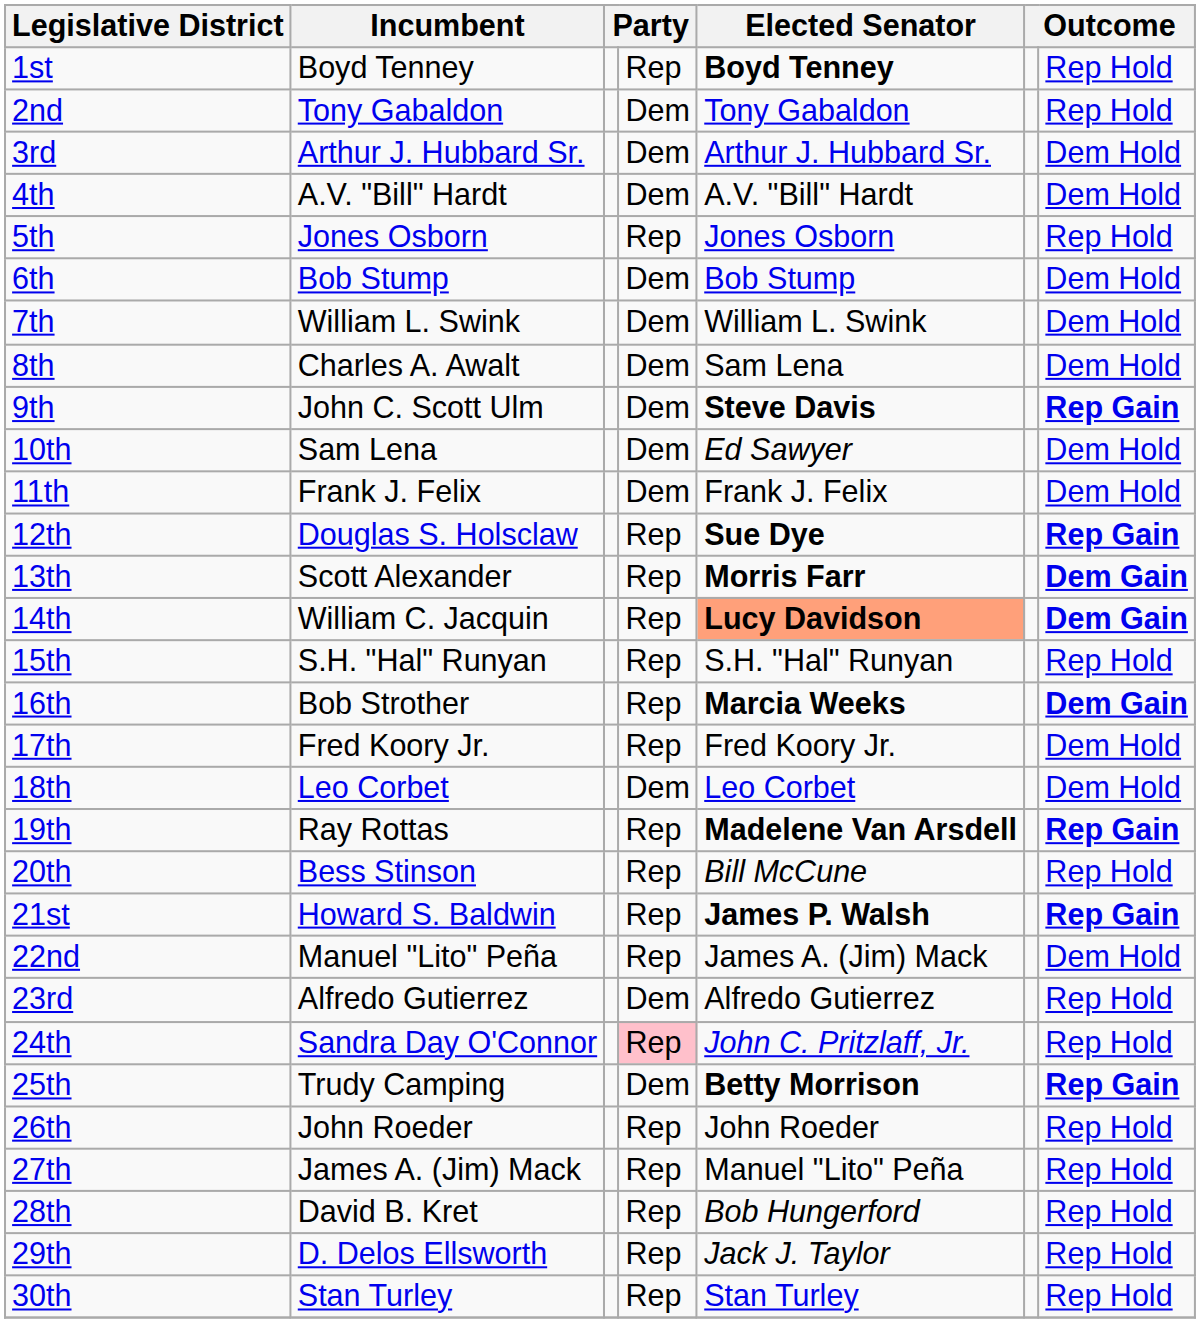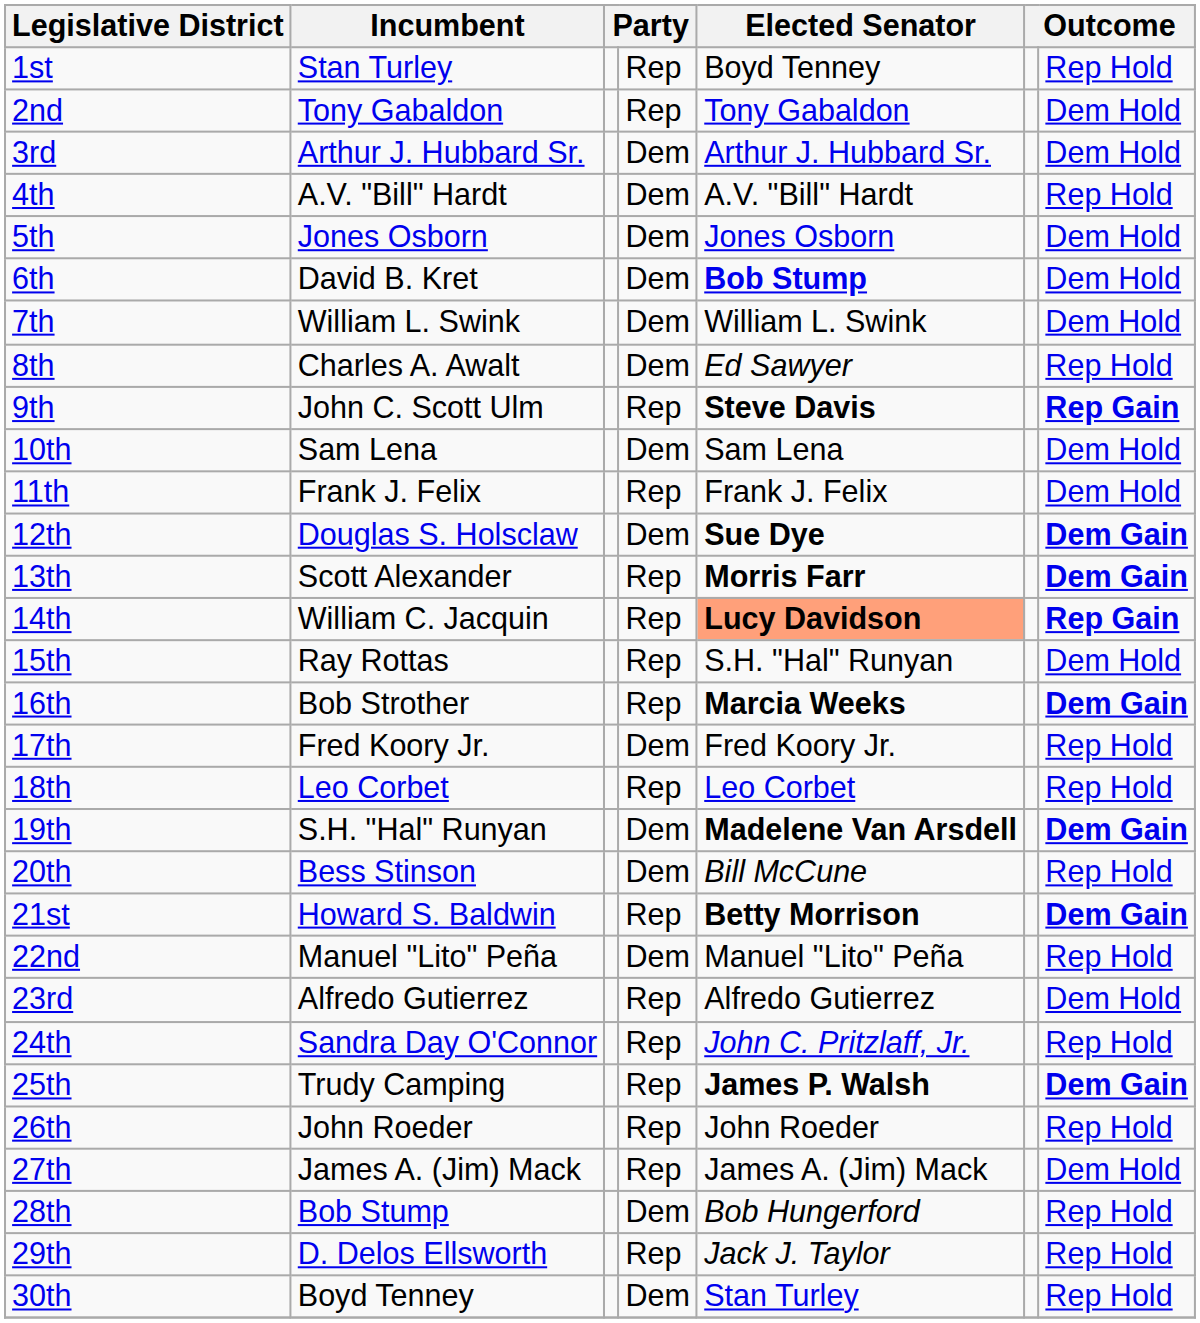 <table class="sortable wikitable" style="font-size:95%;line-height:14px;">
 <tr>
 <th>Legislative District</th>
 <th>Incumbent</th>
 <th colspan="2">Party</th>
 <th>Elected Senator</th>
 <th colspan="2">Outcome</th>
 </tr>
 <tr>
 <td><a href='#'>1st</a></td>
-<td>Boyd Tenney</td>
+<td><a href='#'>Stan Turley</a></td>
 <td style="background:"></td>
 <td>Rep</td>
-<td><strong>Boyd Tenney</strong></td>
+<td>Boyd Tenney</td>
 <td style="background:"></td>
 <td><a href='#'>Rep Hold</a></td>
 </tr>
 <tr>
 <td><a href='#'>2nd</a></td>
 <td><a href='#'>Tony Gabaldon</a></td>
 <td style="background:"></td>
-<td>Dem</td>
+<td>Rep</td>
 <td><a href='#'>Tony Gabaldon</a></td>
 <td style="background:"></td>
-<td><a href='#'>Rep Hold</a></td>
+<td><a href='#'>Dem Hold</a></td>
 </tr>
 <tr>
 <td><a href='#'>3rd</a></td>
 <td><a href='#'>Arthur J. Hubbard Sr.</a></td>
 <td style="background:"></td>
 <td>Dem</td>
 <td><a href='#'>Arthur J. Hubbard Sr.</a></td>
 <td style="background:"></td>
 <td><a href='#'>Dem Hold</a></td>
 </tr>
 <tr>
 <td><a href='#'>4th</a></td>
 <td>A.V. "Bill" Hardt</td>
 <td style="background:"></td>
 <td>Dem</td>
 <td>A.V. "Bill" Hardt</td>
 <td style="background:"></td>
-<td><a href='#'>Dem Hold</a></td>
+<td><a href='#'>Rep Hold</a></td>
 </tr>
 <tr>
 <td><a href='#'>5th</a></td>
 <td><a href='#'>Jones Osborn</a></td>
 <td style="background:"></td>
-<td>Rep</td>
+<td>Dem</td>
 <td><a href='#'>Jones Osborn</a></td>
 <td style="background:"></td>
-<td><a href='#'>Rep Hold</a></td>
+<td><a href='#'>Dem Hold</a></td>
 </tr>
 <tr>
 <td><a href='#'>6th</a></td>
-<td><a href='#'>Bob Stump</a></td>
+<td>David B. Kret</td>
 <td style="background:"></td>
 <td>Dem</td>
-<td><a href='#'>Bob Stump</a></td>
+<td><strong><a href='#'>Bob Stump</a></strong></td>
 <td style="background:"></td>
 <td><a href='#'>Dem Hold</a></td>
 </tr>
 <tr>
 <td><a href='#'>7th</a></td>
 <td>William L. Swink</td>
 <td style="background:"></td>
 <td>Dem</td>
 <td>William L. Swink</td>
 <td style="background:"></td>
 <td><a href='#'>Dem Hold</a></td>
 </tr>
 <tr>
 <td><a href='#'>8th</a></td>
 <td>Charles A. Awalt</td>
 <td style="background:"></td>
 <td>Dem</td>
-<td>Sam Lena</td>
+<td><em>Ed Sawyer</em></td>
 <td style="background:"></td>
-<td><a href='#'>Dem Hold</a></td>
+<td><a href='#'>Rep Hold</a></td>
 </tr>
 <tr>
 <td><a href='#'>9th</a></td>
 <td>John C. Scott Ulm</td>
 <td style="background:"></td>
-<td>Dem</td>
+<td>Rep</td>
 <td><strong>Steve Davis</strong></td>
 <td style="background:"></td>
 <td><strong><a href='#'>Rep Gain</a></strong></td>
 </tr>
 <tr>
 <td><a href='#'>10th</a></td>
 <td>Sam Lena</td>
 <td style="background:"></td>
 <td>Dem</td>
-<td><em>Ed Sawyer</em></td>
+<td>Sam Lena</td>
 <td style="background:"></td>
 <td><a href='#'>Dem Hold</a></td>
 </tr>
 <tr>
 <td><a href='#'>11th</a></td>
 <td>Frank J. Felix</td>
 <td style="background:"></td>
-<td>Dem</td>
+<td>Rep</td>
 <td>Frank J. Felix</td>
 <td style="background:"></td>
 <td><a href='#'>Dem Hold</a></td>
 </tr>
 <tr>
 <td><a href='#'>12th</a></td>
 <td><a href='#'>Douglas S. Holsclaw</a></td>
 <td style="background:"></td>
-<td>Rep</td>
+<td>Dem</td>
 <td><strong>Sue Dye</strong></td>
 <td style="background:"></td>
-<td><strong><a href='#'>Rep Gain</a></strong></td>
+<td><strong><a href='#'>Dem Gain</a></strong></td>
 </tr>
 <tr>
 <td><a href='#'>13th</a></td>
 <td>Scott Alexander</td>
 <td style="background:"></td>
 <td>Rep</td>
 <td><strong>Morris Farr</strong></td>
 <td style="background:"></td>
 <td><strong><a href='#'>Dem Gain</a></strong></td>
 </tr>
 <tr>
 <td><a href='#'>14th</a></td>
 <td>William C. Jacquin</td>
 <td style="background:"></td>
 <td>Rep</td>
 <td style="background: lightsalmon;"><strong>Lucy Davidson</strong></td>
 <td style="background:"></td>
-<td><strong><a href='#'>Dem Gain</a></strong></td>
+<td><strong><a href='#'>Rep Gain</a></strong></td>
 </tr>
 <tr>
 <td><a href='#'>15th</a></td>
-<td>S.H. "Hal" Runyan</td>
+<td>Ray Rottas</td>
 <td style="background:"></td>
 <td>Rep</td>
 <td>S.H. "Hal" Runyan</td>
 <td style="background:"></td>
-<td><a href='#'>Rep Hold</a></td>
+<td><a href='#'>Dem Hold</a></td>
 </tr>
 <tr>
 <td><a href='#'>16th</a></td>
 <td>Bob Strother</td>
 <td style="background:"></td>
 <td>Rep</td>
 <td><strong>Marcia Weeks</strong></td>
 <td style="background:"></td>
 <td><strong><a href='#'>Dem Gain</a></strong></td>
 </tr>
 <tr>
 <td><a href='#'>17th</a></td>
 <td>Fred Koory Jr.</td>
 <td style="background:"></td>
-<td>Rep</td>
+<td>Dem</td>
 <td>Fred Koory Jr.</td>
 <td style="background:"></td>
-<td><a href='#'>Dem Hold</a></td>
+<td><a href='#'>Rep Hold</a></td>
 </tr>
 <tr>
 <td><a href='#'>18th</a></td>
 <td><a href='#'>Leo Corbet</a></td>
 <td style="background:"></td>
-<td>Dem</td>
+<td>Rep</td>
 <td><a href='#'>Leo Corbet</a></td>
 <td style="background:"></td>
-<td><a href='#'>Dem Hold</a></td>
+<td><a href='#'>Rep Hold</a></td>
 </tr>
 <tr>
 <td><a href='#'>19th</a></td>
-<td>Ray Rottas</td>
+<td>S.H. "Hal" Runyan</td>
 <td style="background:"></td>
-<td>Rep</td>
+<td>Dem</td>
 <td><strong>Madelene Van Arsdell</strong></td>
 <td style="background:"></td>
-<td><strong><a href='#'>Rep Gain</a></strong></td>
+<td><strong><a href='#'>Dem Gain</a></strong></td>
 </tr>
 <tr>
 <td><a href='#'>20th</a></td>
 <td><a href='#'>Bess Stinson</a></td>
 <td style="background:"></td>
-<td>Rep</td>
+<td>Dem</td>
 <td><em>Bill McCune</em></td>
 <td style="background:"></td>
 <td><a href='#'>Rep Hold</a></td>
 </tr>
 <tr>
 <td><a href='#'>21st</a></td>
 <td><a href='#'>Howard S. Baldwin</a></td>
 <td style="background:"></td>
 <td>Rep</td>
-<td><strong>James P. Walsh</strong></td>
+<td><strong>Betty Morrison</strong></td>
 <td style="background:"></td>
-<td><strong><a href='#'>Rep Gain</a></strong></td>
+<td><strong><a href='#'>Dem Gain</a></strong></td>
 </tr>
 <tr>
 <td><a href='#'>22nd</a></td>
 <td>Manuel "Lito" Peña</td>
 <td style="background:"></td>
-<td>Rep</td>
-<td>James A. (Jim) Mack</td>
+<td>Dem</td>
+<td>Manuel "Lito" Peña</td>
 <td style="background:"></td>
-<td><a href='#'>Dem Hold</a></td>
+<td><a href='#'>Rep Hold</a></td>
 </tr>
 <tr>
 <td><a href='#'>23rd</a></td>
 <td>Alfredo Gutierrez</td>
 <td style="background:"></td>
-<td>Dem</td>
+<td>Rep</td>
 <td>Alfredo Gutierrez</td>
 <td style="background:"></td>
-<td><a href='#'>Rep Hold</a></td>
+<td><a href='#'>Dem Hold</a></td>
 </tr>
 <tr>
 <td><a href='#'>24th</a></td>
 <td><a href='#'>Sandra Day O'Connor</a></td>
 <td style="background:"></td>
-<td style="background: pink;">Rep</td>
+<td>Rep</td>
 <td><em><a href='#'>John C. Pritzlaff, Jr.</a></em></td>
 <td style="background:"></td>
 <td><a href='#'>Rep Hold</a></td>
 </tr>
 <tr>
 <td><a href='#'>25th</a></td>
 <td>Trudy Camping</td>
 <td style="background:"></td>
-<td>Dem</td>
-<td><strong>Betty Morrison</strong></td>
+<td>Rep</td>
+<td><strong>James P. Walsh</strong></td>
 <td style="background:"></td>
-<td><strong><a href='#'>Rep Gain</a></strong></td>
+<td><strong><a href='#'>Dem Gain</a></strong></td>
 </tr>
 <tr>
 <td><a href='#'>26th</a></td>
 <td>John Roeder</td>
 <td style="background:"></td>
 <td>Rep</td>
 <td>John Roeder</td>
 <td style="background:"></td>
 <td><a href='#'>Rep Hold</a></td>
 </tr>
 <tr>
 <td><a href='#'>27th</a></td>
 <td>James A. (Jim) Mack</td>
 <td style="background:"></td>
 <td>Rep</td>
-<td>Manuel "Lito" Peña</td>
+<td>James A. (Jim) Mack</td>
 <td style="background:"></td>
-<td><a href='#'>Rep Hold</a></td>
+<td><a href='#'>Dem Hold</a></td>
 </tr>
 <tr>
 <td><a href='#'>28th</a></td>
-<td>David B. Kret</td>
+<td><a href='#'>Bob Stump</a></td>
 <td style="background:"></td>
-<td>Rep</td>
+<td>Dem</td>
 <td><em>Bob Hungerford</em></td>
 <td style="background:"></td>
 <td><a href='#'>Rep Hold</a></td>
 </tr>
 <tr>
 <td><a href='#'>29th</a></td>
 <td><a href='#'>D. Delos Ellsworth</a></td>
 <td style="background:"></td>
 <td>Rep</td>
 <td><em>Jack J. Taylor</em></td>
 <td style="background:"></td>
 <td><a href='#'>Rep Hold</a></td>
 </tr>
 <tr>
 <td><a href='#'>30th</a></td>
-<td><a href='#'>Stan Turley</a></td>
+<td>Boyd Tenney</td>
 <td style="background:"></td>
-<td>Rep</td>
+<td>Dem</td>
 <td><a href='#'>Stan Turley</a></td>
 <td style="background:"></td>
 <td><a href='#'>Rep Hold</a></td>
 </tr>
 <tr>
 </tr>
 </table>
